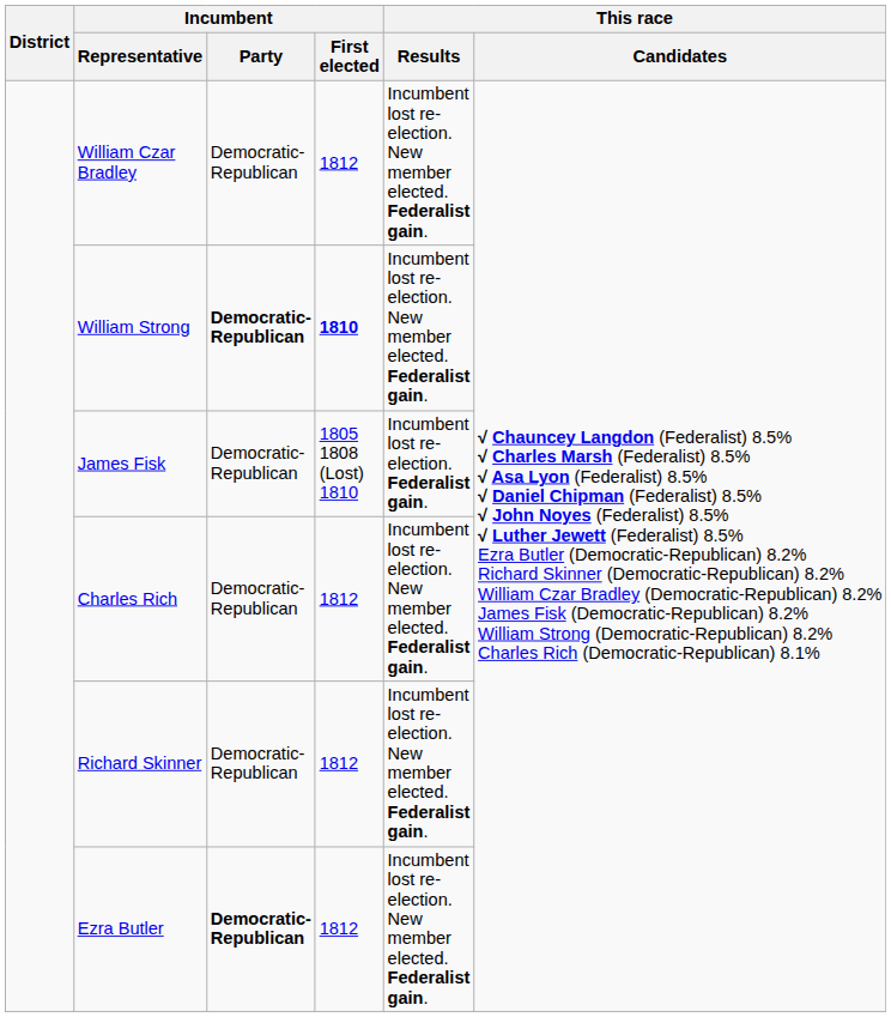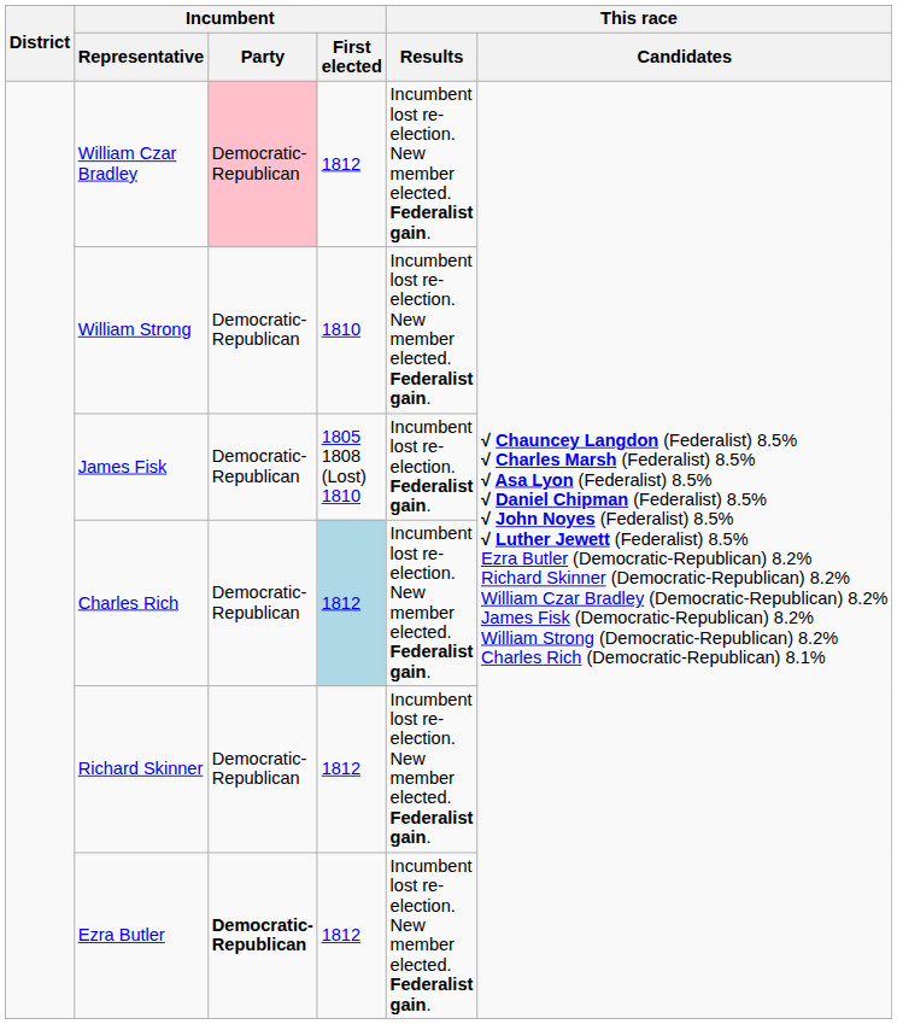 <table class=wikitable>
 <tr>
 <th rowspan=2>District</th>
 <th colspan=3>Incumbent</th>
 <th colspan=2>This race</th>
 </tr>
 <tr>
 <th>Representative</th>
 <th>Party</th>
 <th>First elected</th>
 <th>Results</th>
 <th>Candidates</th>
 </tr>
 <tr>
 <td rowspan=6><br></td>
 <td><a href='#'>William Czar Bradley</a></td>
-<td>Democratic-Republican</td>
+<td style="background: pink;">Democratic-Republican</td>
 <td><a href='#'>1812</a></td>
 <td>Incumbent lost re-election.<br>New member elected.<br><strong>Federalist gain</strong>.</td>
 <td rowspan=6 nowrap><strong>√ <a href='#'>Chauncey Langdon</a></strong> (Federalist) 8.5%<br><strong>√ <a href='#'>Charles Marsh</a></strong> (Federalist) 8.5%<br><strong>√ <a href='#'>Asa Lyon</a></strong> (Federalist) 8.5%<br><strong>√ <a href='#'>Daniel Chipman</a></strong> (Federalist) 8.5%<br><strong>√ <a href='#'>John Noyes</a></strong> (Federalist) 8.5%<br><strong>√ <a href='#'>Luther Jewett</a></strong> (Federalist) 8.5%<br><a href='#'>Ezra Butler</a> (Democratic-Republican) 8.2%<br><a href='#'>Richard Skinner</a> (Democratic-Republican) 8.2%<br><a href='#'>William Czar Bradley</a> (Democratic-Republican) 8.2%<br><a href='#'>James Fisk</a> (Democratic-Republican) 8.2%<br><a href='#'>William Strong</a> (Democratic-Republican) 8.2%<br><a href='#'>Charles Rich</a> (Democratic-Republican) 8.1%</td>
 </tr>
 <tr>
 <td><a href='#'>William Strong</a></td>
-<td><strong>Democratic-Republican</strong></td>
-<td><strong><a href='#'>1810</a></strong></td>
+<td>Democratic-Republican</td>
+<td><a href='#'>1810</a></td>
 <td>Incumbent lost re-election.<br>New member elected.<br><strong>Federalist gain</strong>.</td>
 </tr>
 <tr>
 <td><a href='#'>James Fisk</a></td>
 <td>Democratic-Republican</td>
 <td><a href='#'>1805</a><br>1808 (Lost)<br><a href='#'>1810</a></td>
 <td>Incumbent lost re-election.<br><strong>Federalist gain</strong>.</td>
 </tr>
 <tr>
 <td><a href='#'>Charles Rich</a></td>
 <td>Democratic-Republican</td>
-<td><a href='#'>1812</a></td>
+<td style="background: lightblue;"><a href='#'>1812</a></td>
 <td>Incumbent lost re-election.<br>New member elected.<br><strong>Federalist gain</strong>.</td>
 </tr>
 <tr>
 <td><a href='#'>Richard Skinner</a></td>
 <td>Democratic-Republican</td>
 <td><a href='#'>1812</a></td>
 <td>Incumbent lost re-election.<br>New member elected.<br><strong>Federalist gain</strong>.</td>
 </tr>
 <tr>
 <td><a href='#'>Ezra Butler</a></td>
 <td><strong>Democratic-Republican</strong></td>
 <td><a href='#'>1812</a></td>
 <td>Incumbent lost re-election.<br>New member elected.<br><strong>Federalist gain</strong>.</td>
 </tr>
 </table>
